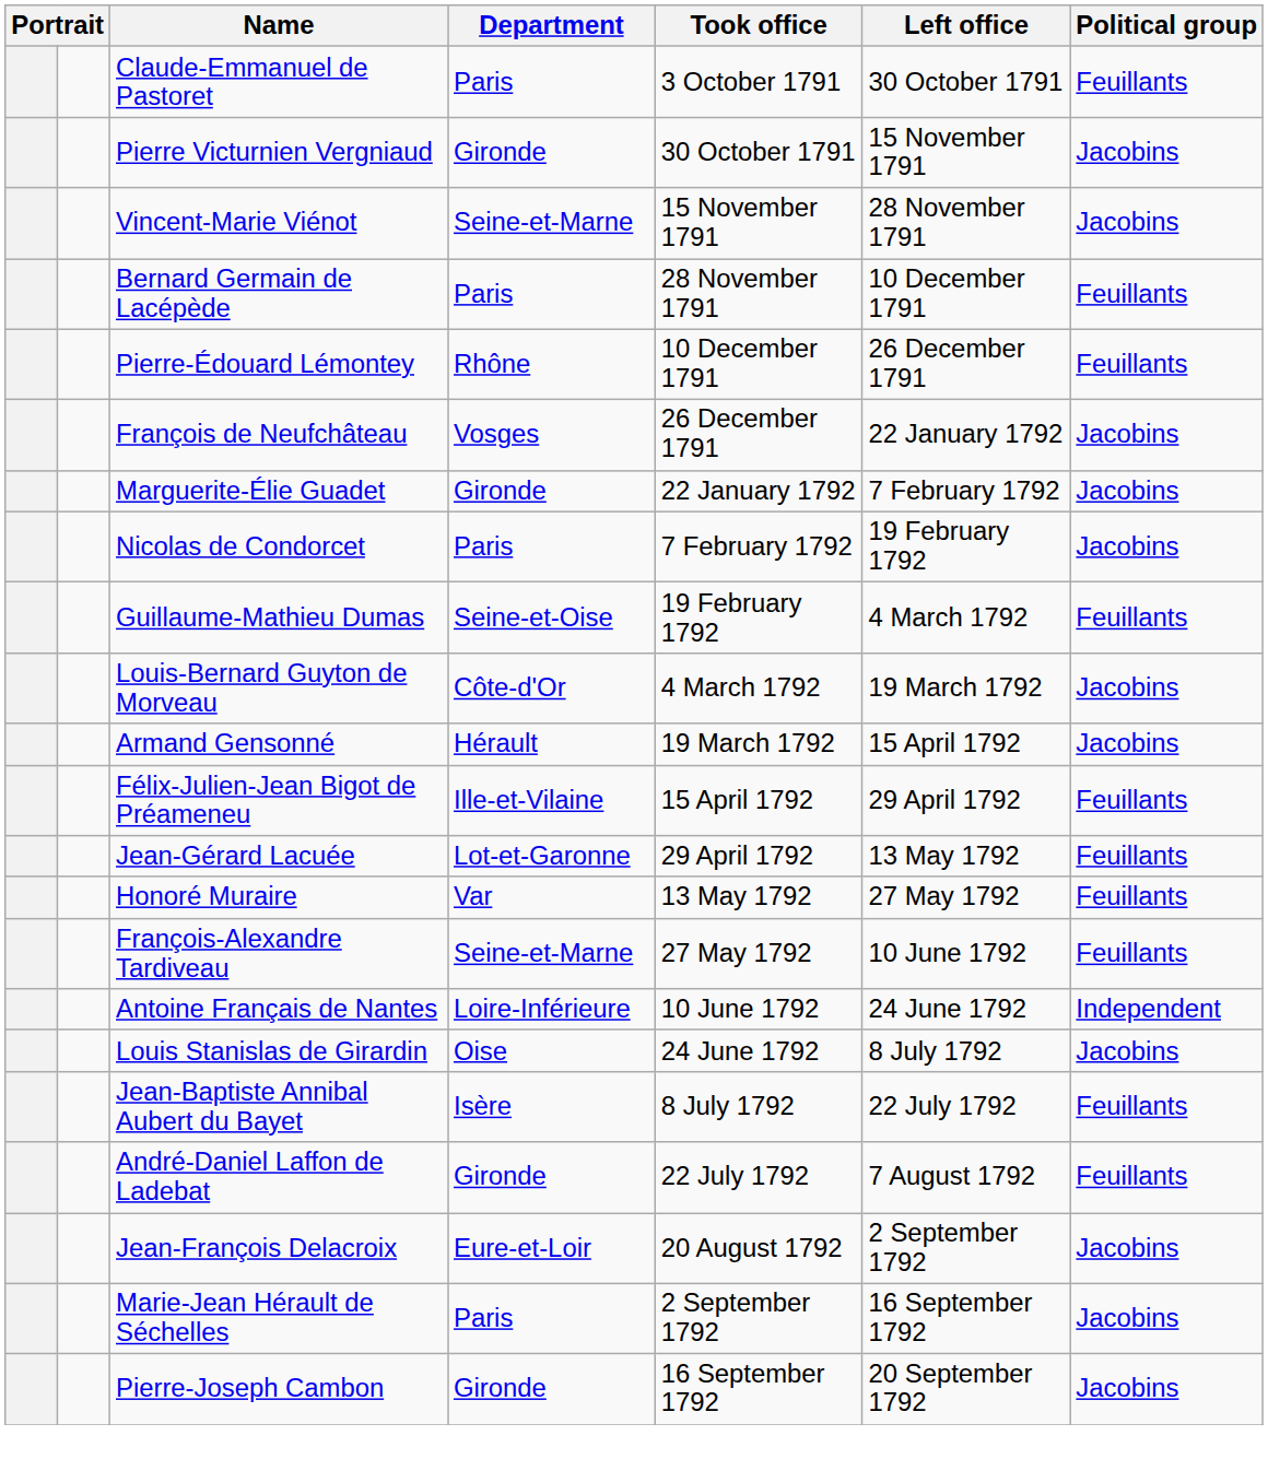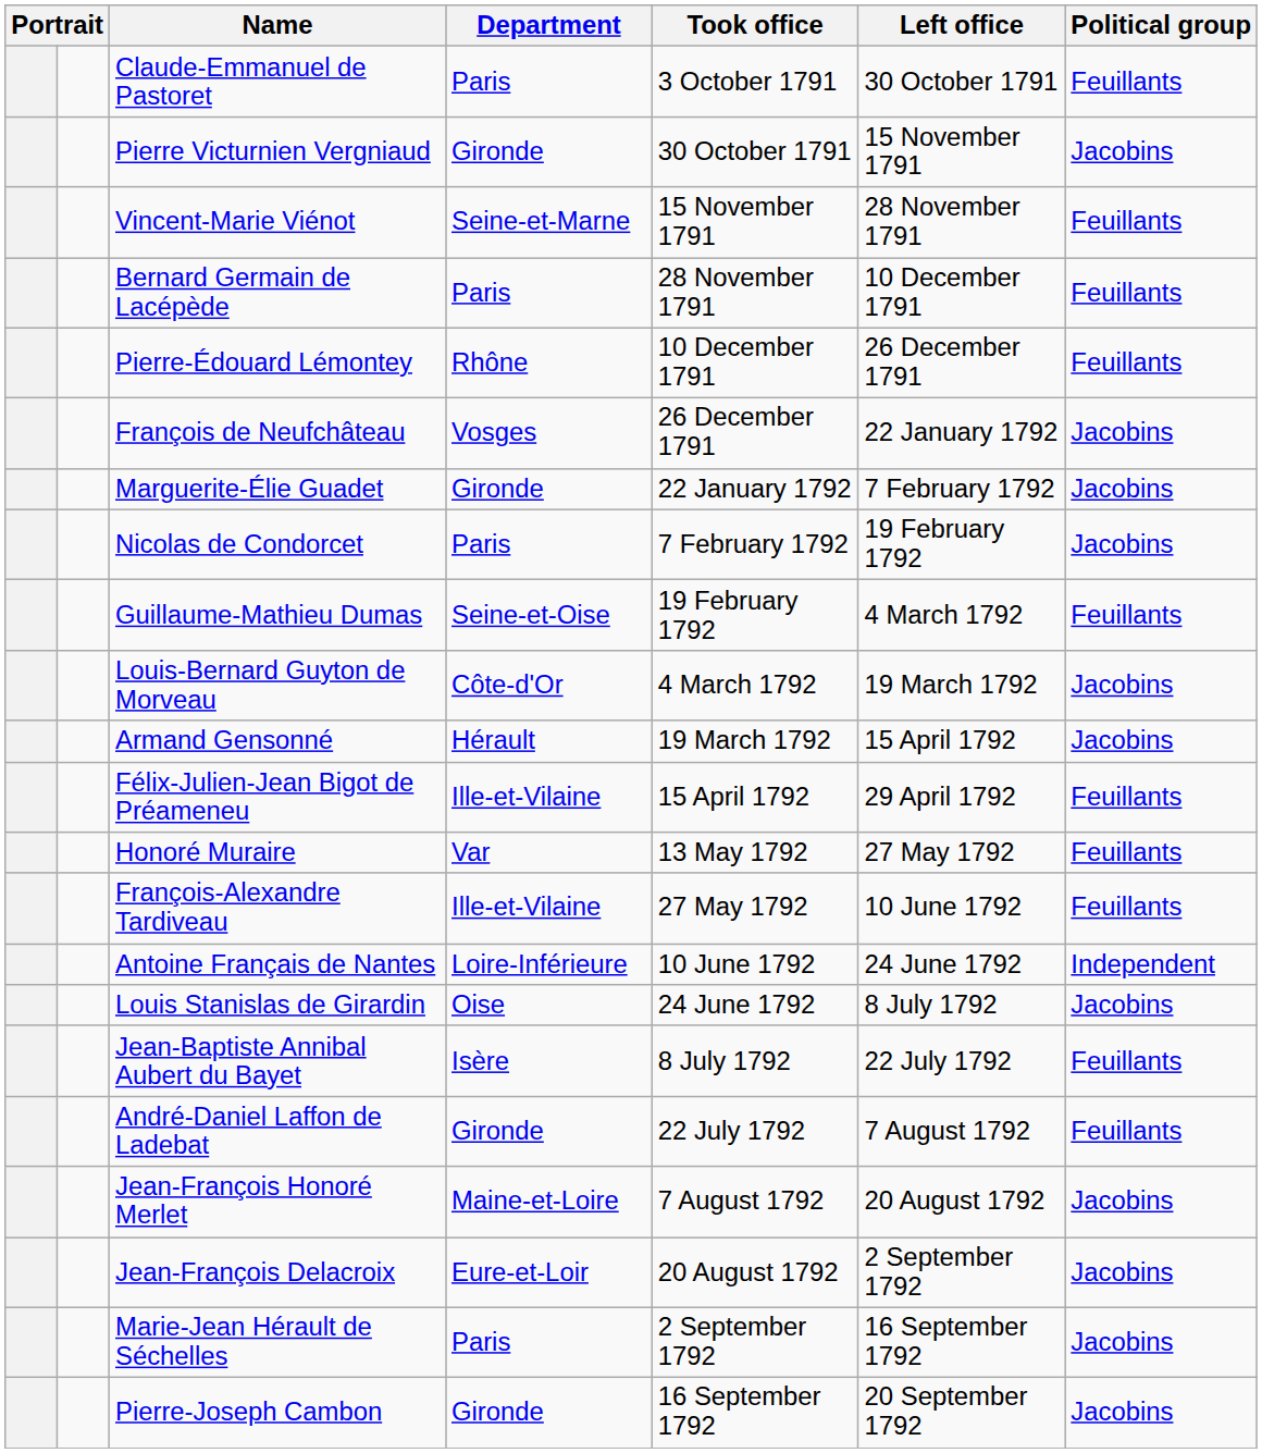 <table class="wikitable">
 <tr>
 <th colspan=2>Portrait</th>
 <th width=200>Name</th>
 <th width=120><a href='#'>Department</a></th>
 <th width=120>Took office</th>
 <th width=120>Left office</th>
 <th>Political group</th>
 </tr>
 <tr>
 <th style="background:"></th>
 <td></td>
 <td><a href='#'>Claude-Emmanuel de Pastoret</a></td>
 <td><a href='#'>Paris</a></td>
 <td>3 October 1791</td>
 <td>30 October 1791</td>
 <td><a href='#'>Feuillants</a></td>
 </tr>
 <tr>
 <th style="background:"></th>
 <td></td>
 <td><a href='#'>Pierre Victurnien Vergniaud</a></td>
 <td><a href='#'>Gironde</a></td>
 <td>30 October 1791</td>
 <td>15 November 1791</td>
 <td><a href='#'>Jacobins</a></td>
 </tr>
 <tr>
 <th style="background:"></th>
 <td></td>
 <td><a href='#'>Vincent-Marie Viénot</a></td>
 <td><a href='#'>Seine-et-Marne</a></td>
 <td>15 November 1791</td>
 <td>28 November 1791</td>
-<td><a href='#'>Jacobins</a></td>
+<td><a href='#'>Feuillants</a></td>
 </tr>
 <tr>
 <th style="background:"></th>
 <td></td>
 <td><a href='#'>Bernard Germain de Lacépède</a></td>
 <td><a href='#'>Paris</a></td>
 <td>28 November 1791</td>
 <td>10 December 1791</td>
 <td><a href='#'>Feuillants</a></td>
 </tr>
 <tr>
 <th style="background:"></th>
 <td></td>
 <td><a href='#'>Pierre-Édouard Lémontey</a></td>
 <td><a href='#'>Rhône</a></td>
 <td>10 December 1791</td>
 <td>26 December 1791</td>
 <td><a href='#'>Feuillants</a></td>
 </tr>
 <tr>
 <th style="background:"></th>
 <td></td>
 <td><a href='#'>François de Neufchâteau</a></td>
 <td><a href='#'>Vosges</a></td>
 <td>26 December 1791</td>
 <td>22 January 1792</td>
 <td><a href='#'>Jacobins</a></td>
 </tr>
 <tr>
 <th style="background:"></th>
 <td></td>
 <td><a href='#'>Marguerite-Élie Guadet</a></td>
 <td><a href='#'>Gironde</a></td>
 <td>22 January 1792</td>
 <td>7 February 1792</td>
 <td><a href='#'>Jacobins</a></td>
 </tr>
 <tr>
 <th style="background:"></th>
 <td></td>
 <td><a href='#'>Nicolas de Condorcet</a></td>
 <td><a href='#'>Paris</a></td>
 <td>7 February 1792</td>
 <td>19 February 1792</td>
 <td><a href='#'>Jacobins</a></td>
 </tr>
 <tr>
 <th style="background:"></th>
 <td></td>
 <td><a href='#'>Guillaume-Mathieu Dumas</a></td>
 <td><a href='#'>Seine-et-Oise</a></td>
 <td>19 February 1792</td>
 <td>4 March 1792</td>
 <td><a href='#'>Feuillants</a></td>
 </tr>
 <tr>
 <th style="background:"></th>
 <td></td>
 <td><a href='#'>Louis-Bernard Guyton de Morveau</a></td>
 <td><a href='#'>Côte-d'Or</a></td>
 <td>4 March 1792</td>
 <td>19 March 1792</td>
 <td><a href='#'>Jacobins</a></td>
 </tr>
 <tr>
 <th style="background:"></th>
 <td></td>
 <td><a href='#'>Armand Gensonné</a></td>
 <td><a href='#'>Hérault</a></td>
 <td>19 March 1792</td>
 <td>15 April 1792</td>
 <td><a href='#'>Jacobins</a></td>
 </tr>
 <tr>
 <th style="background:"></th>
 <td></td>
 <td><a href='#'>Félix-Julien-Jean Bigot de Préameneu</a></td>
 <td><a href='#'>Ille-et-Vilaine</a></td>
 <td>15 April 1792</td>
 <td>29 April 1792</td>
 <td><a href='#'>Feuillants</a></td>
 </tr>
 <tr>
 <th style="background:"></th>
 <td></td>
-<td><a href='#'>Jean-Gérard Lacuée</a></td>
-<td><a href='#'>Lot-et-Garonne</a></td>
-<td>29 April 1792</td>
-<td>13 May 1792</td>
-<td><a href='#'>Feuillants</a></td>
-</tr>
-<tr>
-<th style="background:"></th>
-<td></td>
 <td><a href='#'>Honoré Muraire</a></td>
 <td><a href='#'>Var</a></td>
 <td>13 May 1792</td>
 <td>27 May 1792</td>
 <td><a href='#'>Feuillants</a></td>
 </tr>
 <tr>
 <th style="background:"></th>
 <td></td>
 <td><a href='#'>François-Alexandre Tardiveau</a></td>
-<td><a href='#'>Seine-et-Marne</a></td>
+<td><a href='#'>Ille-et-Vilaine</a></td>
 <td>27 May 1792</td>
 <td>10 June 1792</td>
 <td><a href='#'>Feuillants</a></td>
 </tr>
 <tr>
 <th style="background:"></th>
 <td></td>
 <td><a href='#'>Antoine Français de Nantes</a></td>
 <td><a href='#'>Loire-Inférieure</a></td>
 <td>10 June 1792</td>
 <td>24 June 1792</td>
 <td><a href='#'>Independent</a></td>
 </tr>
 <tr>
 <th style="background:"></th>
 <td></td>
 <td><a href='#'>Louis Stanislas de Girardin</a></td>
 <td><a href='#'>Oise</a></td>
 <td>24 June 1792</td>
 <td>8 July 1792</td>
 <td><a href='#'>Jacobins</a></td>
 </tr>
 <tr>
 <th style="background:"></th>
 <td></td>
 <td><a href='#'>Jean-Baptiste Annibal Aubert du Bayet</a></td>
 <td><a href='#'>Isère</a></td>
 <td>8 July 1792</td>
 <td>22 July 1792</td>
 <td><a href='#'>Feuillants</a></td>
 </tr>
 <tr>
 <th style="background:"></th>
 <td></td>
 <td><a href='#'>André-Daniel Laffon de Ladebat</a></td>
 <td><a href='#'>Gironde</a></td>
 <td>22 July 1792</td>
 <td>7 August 1792</td>
 <td><a href='#'>Feuillants</a></td>
 </tr>
 <tr>
 <th style="background:"></th>
 <td></td>
+<td><a href='#'>Jean-François Honoré Merlet</a></td>
+<td><a href='#'>Maine-et-Loire</a></td>
+<td>7 August 1792</td>
+<td>20 August 1792</td>
+<td><a href='#'>Jacobins</a></td>
+</tr>
+<tr>
+<th style="background:"></th>
+<td></td>
 <td><a href='#'>Jean-François Delacroix</a></td>
 <td><a href='#'>Eure-et-Loir</a></td>
 <td>20 August 1792</td>
 <td>2 September 1792</td>
 <td><a href='#'>Jacobins</a></td>
 </tr>
 <tr>
 <th style="background:"></th>
 <td></td>
 <td><a href='#'>Marie-Jean Hérault de Séchelles</a></td>
 <td><a href='#'>Paris</a></td>
 <td>2 September 1792</td>
 <td>16 September 1792</td>
 <td><a href='#'>Jacobins</a></td>
 </tr>
 <tr>
 <th style="background:"></th>
 <td></td>
 <td><a href='#'>Pierre-Joseph Cambon</a></td>
 <td><a href='#'>Gironde</a></td>
 <td>16 September 1792</td>
 <td>20 September 1792</td>
 <td><a href='#'>Jacobins</a></td>
 </tr>
 </table>
